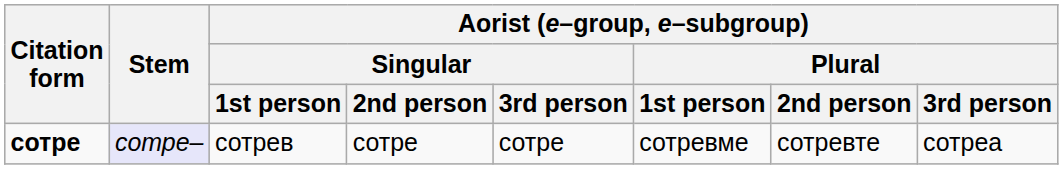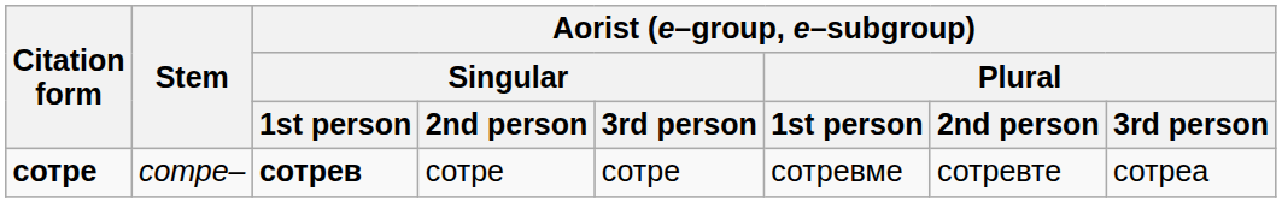 <table class="wikitable">
 <tr>
 <th rowspan="3">Citation<br>form</th>
 <th rowspan="3">Stem</th>
 <th colspan="6">Aorist (<em>е</em>–group, <em>е</em>–subgroup)</th>
 </tr>
 <tr>
 <th colspan="3">Singular</th>
 <th colspan="3">Plural</th>
 </tr>
 <tr>
 <th>1st person</th>
 <th>2nd person</th>
 <th>3rd person</th>
 <th>1st person</th>
 <th>2nd person</th>
 <th>3rd person</th>
 </tr>
 <tr>
 <td><strong>сотре</strong></td>
-<td style="background: lavender;"><em>сотре–</em></td>
-<td>сотре<span>в</span></td>
+<td><em>сотре–</em></td>
+<td><strong>сотре<span>в</span></strong></td>
 <td>сотре</td>
 <td>сотре</td>
 <td>сотре<span>вме</span></td>
 <td>сотре<span>вте</span></td>
 <td>сотре<span>а</span></td>
 </tr>
 </table>
